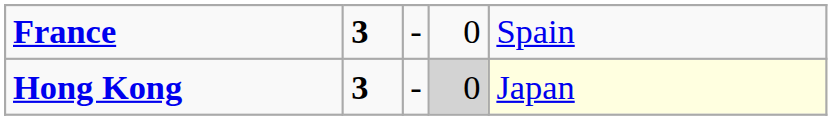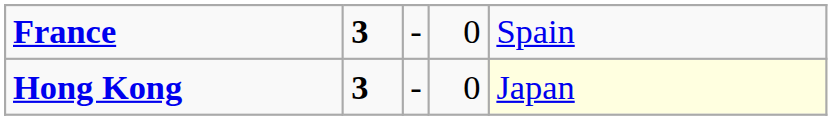 <table class="wikitable">
 <tr>
 <td width=150> <strong><a href='#'>France</a></strong></td>
 <td style="width:20px; text-align:left;"><strong>3</strong></td>
 <td>-</td>
 <td style="width:20px; text-align:right;">0</td>
 <td width=150> <a href='#'>Spain</a></td>
 </tr>
 <tr>
 <td> <strong><a href='#'>Hong Kong</a></strong></td>
 <td style="text-align:left;"><strong>3</strong></td>
 <td>-</td>
-<td style="background: lightgrey; text-align:right;">0</td>
+<td style="text-align:right;">0</td>
 <td style="background: lightyellow;"> <a href='#'>Japan</a></td>
 </tr>
 </table>
